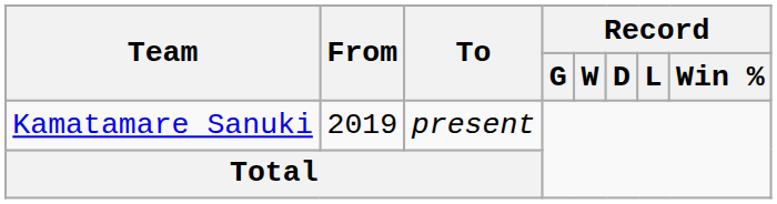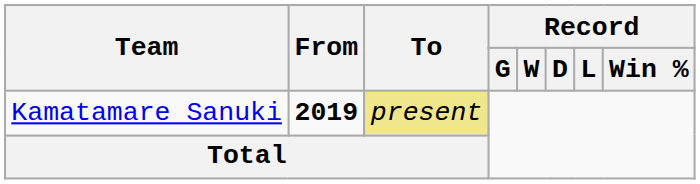 <table class="wikitable" style="text-align: center">
 <tr>
 <th rowspan="2">Team</th>
 <th rowspan="2">From</th>
 <th rowspan="2">To</th>
 <th colspan="5">Record</th>
 </tr>
 <tr>
 <th>G</th>
 <th>W</th>
 <th>D</th>
 <th>L</th>
 <th>Win %</th>
 </tr>
 <tr>
 <td align="left"><a href='#'>Kamatamare Sanuki</a></td>
-<td align="left">2019</td>
-<td align="left"><em>present</em><br></td>
+<td align="left"><strong>2019</strong></td>
+<td align="left" style="background: khaki;"><em>present</em><br></td>
 </tr>
 <tr>
 <th colspan="3">Total<br></th>
 </tr>
 </table>
